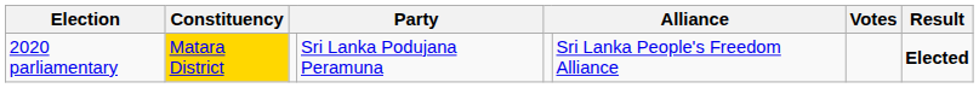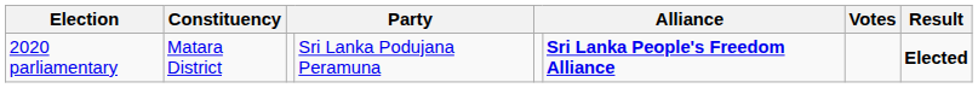 <table class="wikitable" style="text-align:left;">
 <tr>
 <th scope=col>Election</th>
 <th scope=col>Constituency</th>
 <th scope=col colspan="2">Party</th>
 <th scope=col colspan="2">Alliance</th>
 <th scope=col>Votes</th>
 <th scope=col>Result</th>
 </tr>
 <tr>
 <td><a href='#'>2020 parliamentary</a></td>
-<td style="background: gold;"><a href='#'>Matara District</a></td>
+<td><a href='#'>Matara District</a></td>
 <td style="background:"></td>
 <td><a href='#'>Sri Lanka Podujana Peramuna</a></td>
 <td style="background:"></td>
-<td><a href='#'>Sri Lanka People's Freedom Alliance</a></td>
+<td><strong><a href='#'>Sri Lanka People's Freedom Alliance</a></strong></td>
 <td align=right></td>
 <td><strong>Elected</strong></td>
 </tr>
 </table>
